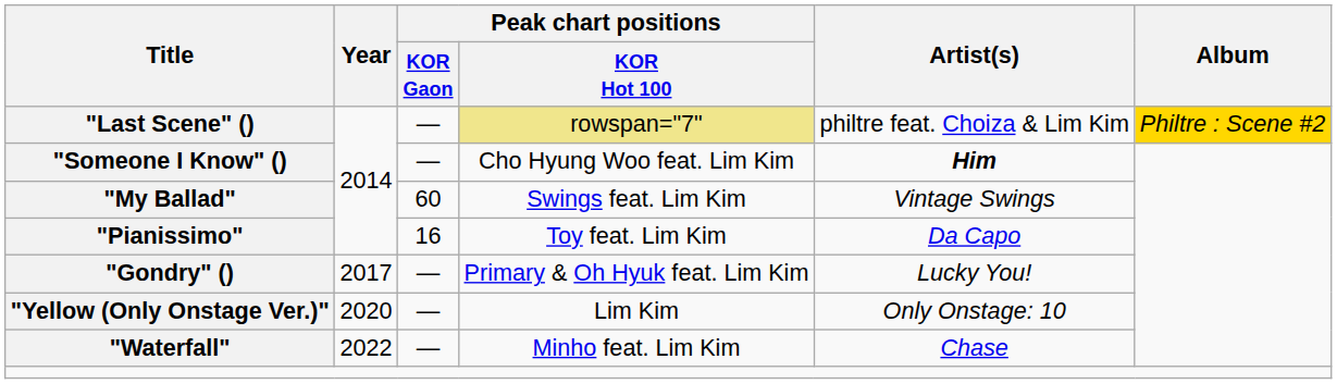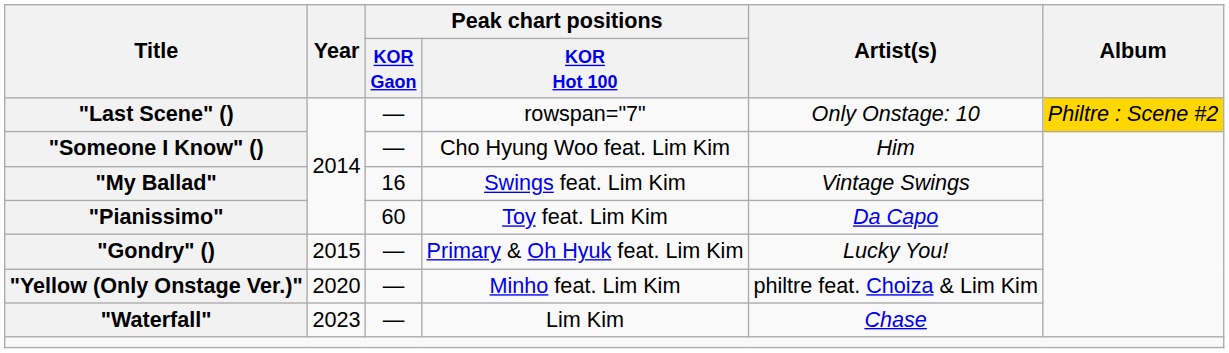 <table class="wikitable plainrowheaders" style="text-align:center;">
 <tr>
 <th scope="col" rowspan="2">Title</th>
 <th scope="col" rowspan="2">Year</th>
 <th scope="col" colspan="2" style="width:5em;">Peak chart positions</th>
 <th scope="col" rowspan="2">Artist(s)</th>
 <th scope="col" rowspan="2">Album</th>
 </tr>
 <tr>
 <th><small><a href='#'>KOR<br>Gaon</a></small><br></th>
 <th><small><a href='#'>KOR<br>Hot 100</a></small><br></th>
 </tr>
 <tr>
 <th scope="row">"Last Scene" ()</th>
 <td rowspan="4">2014</td>
 <td>—</td>
-<td style="background: khaki;">rowspan="7" </td>
-<td>philtre feat. <a href='#'>Choiza</a> & Lim Kim</td>
+<td>rowspan="7" </td>
+<td><em>Only Onstage: 10</em></td>
 <td style="background: gold;"><em>Philtre : Scene #2</em></td>
 </tr>
 <tr>
 <th scope="row">"Someone I Know" ()</th>
 <td>—</td>
 <td>Cho Hyung Woo feat. Lim Kim</td>
-<td><strong><em>Him</em></strong></td>
+<td><em>Him</em></td>
 </tr>
 <tr>
 <th scope="row">"My Ballad"</th>
-<td>60</td>
+<td>16</td>
 <td><a href='#'>Swings</a> feat. Lim Kim</td>
 <td><em>Vintage Swings</em></td>
 </tr>
 <tr>
 <th scope="row">"Pianissimo"</th>
-<td>16</td>
+<td>60</td>
 <td><a href='#'>Toy</a> feat. Lim Kim</td>
 <td><em><a href='#'>Da Capo</a></em></td>
 </tr>
 <tr>
 <th scope="row">"Gondry" ()</th>
-<td>2017</td>
+<td>2015</td>
 <td>—</td>
 <td><a href='#'>Primary</a> & <a href='#'>Oh Hyuk</a> feat. Lim Kim</td>
 <td><em>Lucky You!</em></td>
 </tr>
 <tr>
 <th scope="row">"Yellow (Only Onstage Ver.)"</th>
 <td>2020</td>
 <td>—</td>
-<td>Lim Kim</td>
-<td><em>Only Onstage: 10</em></td>
+<td><a href='#'>Minho</a> feat. Lim Kim</td>
+<td>philtre feat. <a href='#'>Choiza</a> & Lim Kim</td>
 </tr>
 <tr>
 <th scope="row">"Waterfall"</th>
-<td>2022</td>
+<td>2023</td>
 <td>—</td>
-<td><a href='#'>Minho</a> feat. Lim Kim</td>
+<td>Lim Kim</td>
 <td><em><a href='#'>Chase</a></em></td>
 </tr>
 <tr>
 <td colspan="6"></td>
 </tr>
 </table>
